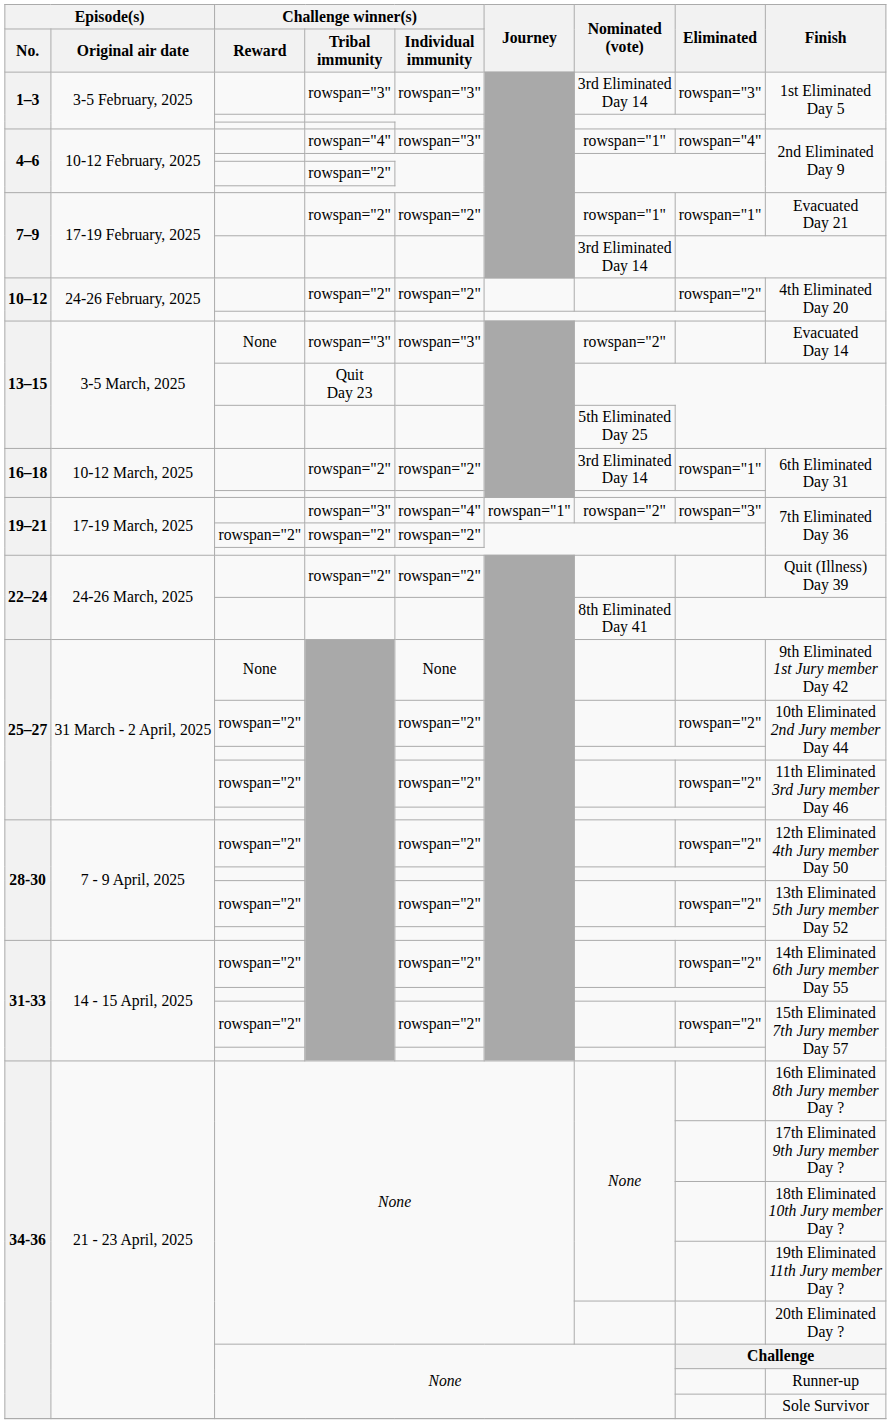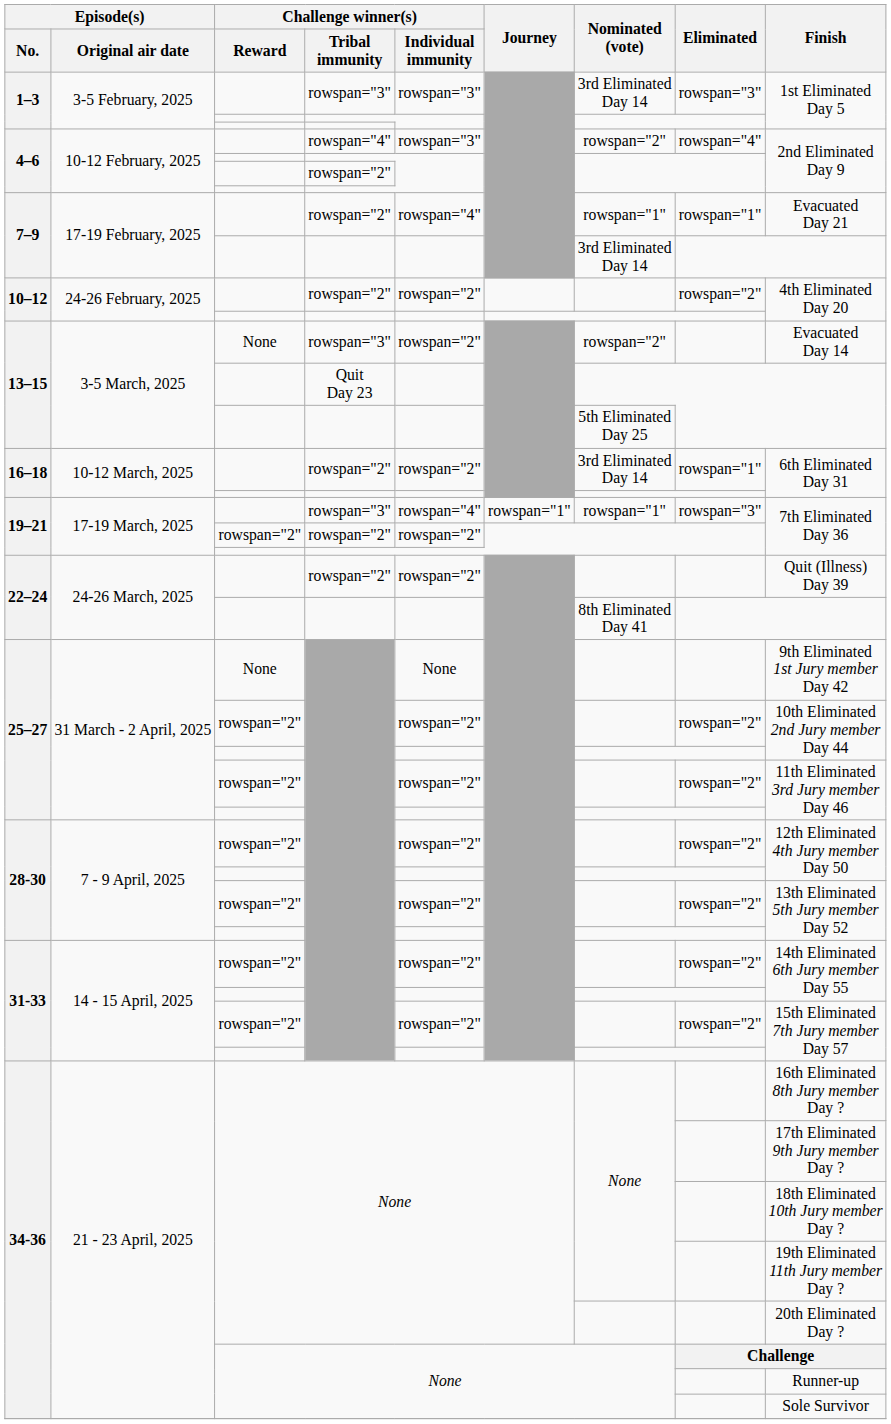 <table class="wikitable plainrowheaders nowrap" style="margin:auto; text-align:center">
 <tr>
 <th scope="col" colspan="2">Episode(s)</th>
 <th scope="col" colspan="3">Challenge winner(s)</th>
 <th scope="col"  rowspan="2">Journey</th>
 <th scope="col"  rowspan="2">Nominated <br> (vote)</th>
 <th scope="col" rowspan="2">Eliminated</th>
 <th scope="col" rowspan="2">Finish</th>
 </tr>
 <tr>
 <th scope="col" rowspan="1">No.</th>
 <th scope="col" rowspan="1">Original air date</th>
 <th scope="col" rowspan="1">Reward</th>
 <th scope="col" rowspan="1">Tribal<br> immunity</th>
 <th scope="col" rowspan="1">Individual<br> immunity</th>
 </tr>
 <tr>
 <th rowspan="3">1–3</th>
 <td rowspan="3">3-5 February, 2025</td>
 <td></td>
 <td>rowspan="3" </td>
 <td>rowspan="3" </td>
 <td rowspan="9" bgcolor="darkgray"></td>
 <td>3rd Eliminated<br> Day 14</td>
 <td>rowspan="3" </td>
 <td rowspan="3">1st Eliminated<br>Day 5</td>
 </tr>
 <tr>
 <td></td>
 </tr>
 <tr>
 <td></td>
 <td></td>
 </tr>
 <tr>
 <th rowspan="4">4–6</th>
 <td rowspan="4">10-12 February, 2025</td>
 <td></td>
 <td>rowspan="4" </td>
 <td>rowspan="3" </td>
-<td>rowspan="1" </td>
+<td>rowspan="2" </td>
 <td>rowspan="4" </td>
 <td rowspan="4">2nd Eliminated<br>Day 9</td>
 </tr>
 <tr>
 <td></td>
 </tr>
 <tr>
 <td></td>
 <td>rowspan="2" </td>
 </tr>
 <tr>
 <td></td>
 </tr>
 <tr>
 <th rowspan="2">7–9</th>
 <td rowspan="2">17-19 February, 2025</td>
 <td></td>
 <td>rowspan="2" </td>
-<td>rowspan="2" </td>
+<td>rowspan="4" </td>
 <td>rowspan="1" </td>
 <td>rowspan="1" </td>
 <td>Evacuated<br> Day 21</td>
 </tr>
 <tr>
 <td></td>
 <td></td>
 <td></td>
 <td>3rd Eliminated<br> Day 14</td>
 </tr>
 <tr>
 <th rowspan="2">10–12</th>
 <td rowspan="2">24-26 February, 2025</td>
 <td></td>
 <td>rowspan="2" </td>
 <td>rowspan="2" </td>
 <td></td>
 <td></td>
 <td>rowspan="2" </td>
 <td rowspan="2">4th Eliminated<br> Day 20</td>
 </tr>
 <tr>
 <td></td>
 <td></td>
 <td></td>
 </tr>
 <tr>
 <th rowspan="3">13–15</th>
 <td rowspan="3">3-5 March, 2025</td>
 <td>None</td>
 <td>rowspan="3" </td>
-<td>rowspan="3" </td>
+<td>rowspan="2" </td>
 <td rowspan="5" bgcolor="darkgray"></td>
 <td>rowspan="2" </td>
 <td></td>
 <td>Evacuated<br> Day 14</td>
 </tr>
 <tr>
 <td></td>
 <td>Quit<br> Day 23</td>
 </tr>
 <tr>
 <td></td>
 <td></td>
 <td></td>
 <td>5th Eliminated<br> Day 25</td>
 </tr>
 <tr>
 <th rowspan="2">16–18</th>
 <td rowspan="2">10-12 March, 2025</td>
 <td></td>
 <td>rowspan="2" </td>
 <td>rowspan="2" </td>
 <td>3rd Eliminated<br> Day 14</td>
 <td>rowspan="1" </td>
 <td rowspan="2">6th Eliminated<br> Day 31</td>
 </tr>
 <tr>
 <td></td>
 <td></td>
 </tr>
 <tr>
 <th rowspan="3">19–21</th>
 <td rowspan="3">17-19 March, 2025</td>
 <td></td>
 <td>rowspan="3" </td>
 <td>rowspan="4" </td>
 <td>rowspan="1" </td>
-<td>rowspan="2" </td>
+<td>rowspan="1" </td>
 <td>rowspan="3" </td>
 <td rowspan="3">7th Eliminated<br> Day 36</td>
 </tr>
 <tr>
 <td>rowspan="2"</td>
 <td>rowspan="2"</td>
 <td>rowspan="2" </td>
 </tr>
 <tr>
 <td></td>
 </tr>
 <tr>
 <th rowspan="2">22–24</th>
 <td rowspan="2">24-26 March, 2025</td>
 <td></td>
 <td>rowspan="2" </td>
 <td>rowspan="2" </td>
 <td rowspan="15" bgcolor="darkgray"></td>
 <td></td>
 <td></td>
 <td>Quit (Illness)	<br> Day 39</td>
 </tr>
 <tr>
 <td></td>
 <td></td>
 <td></td>
 <td>8th Eliminated<br> Day 41</td>
 </tr>
 <tr>
 <th rowspan="5">25–27</th>
 <td rowspan="5">31 March - 2 April, 2025</td>
 <td>None</td>
 <td rowspan="13" bgcolor="darkgray"></td>
 <td>None</td>
 <td></td>
 <td></td>
 <td>9th Eliminated<br> <em>1st Jury member</em><br> Day 42</td>
 </tr>
 <tr>
 <td>rowspan="2"</td>
 <td>rowspan="2"</td>
 <td></td>
 <td>rowspan="2"</td>
 <td rowspan="2">10th Eliminated<br> <em>2nd Jury member</em><br> Day 44</td>
 </tr>
 <tr>
 <td></td>
 </tr>
 <tr>
 <td>rowspan="2"</td>
 <td>rowspan="2"</td>
 <td></td>
 <td>rowspan="2"</td>
 <td rowspan="2">11th Eliminated<br> <em>3rd Jury member</em><br> Day 46</td>
 </tr>
 <tr>
 <td></td>
 </tr>
 <tr>
 <th rowspan="4">28-30</th>
 <td rowspan="4">7 - 9 April, 2025</td>
 <td>rowspan="2"</td>
 <td>rowspan="2"</td>
 <td></td>
 <td>rowspan="2"</td>
 <td rowspan="2">12th Eliminated<br> <em>4th Jury member</em><br> Day 50</td>
 </tr>
 <tr>
 <td></td>
 </tr>
 <tr>
 <td>rowspan="2"</td>
 <td>rowspan="2"</td>
 <td></td>
 <td>rowspan="2"</td>
 <td rowspan="2">13th Eliminated<br> <em>5th Jury member</em><br> Day 52</td>
 </tr>
 <tr>
 <td></td>
 </tr>
 <tr>
 <th rowspan="4">31-33</th>
 <td rowspan="4">14 - 15 April, 2025</td>
 <td>rowspan="2"</td>
 <td>rowspan="2"</td>
 <td></td>
 <td>rowspan="2"</td>
 <td rowspan="2">14th Eliminated<br> <em>6th Jury member</em><br> Day 55</td>
 </tr>
 <tr>
 <td></td>
 </tr>
 <tr>
 <td>rowspan="2"</td>
 <td>rowspan="2"</td>
 <td></td>
 <td>rowspan="2"</td>
 <td rowspan="2">15th Eliminated<br> <em>7th Jury member</em><br> Day 57</td>
 </tr>
 <tr>
 <td></td>
 </tr>
 <tr>
 <th rowspan="8">34-36</th>
 <td rowspan="8">21 - 23 April, 2025</td>
 <td rowspan="5" colspan="4"><em>None</em></td>
 <td rowspan="4"><em>None</em></td>
 <td></td>
 <td>16th Eliminated<br> <em>8th Jury member</em><br> Day ?</td>
 </tr>
 <tr>
 <td></td>
 <td>17th Eliminated<br> <em>9th Jury member</em><br> Day ?</td>
 </tr>
 <tr>
 <td></td>
 <td>18th Eliminated<br> <em>10th Jury member</em><br> Day ?</td>
 </tr>
 <tr>
 <td></td>
 <td>19th Eliminated<br> <em>11th Jury member</em><br> Day ?</td>
 </tr>
 <tr>
 <td></td>
 <td></td>
 <td>20th Eliminated<br> Day ?</td>
 </tr>
 <tr>
 <td colspan="5" rowspan="3"><em>None</em></td>
 <th colspan="2">Challenge</th>
 </tr>
 <tr>
 <td></td>
 <td>Runner-up</td>
 </tr>
 <tr>
 <td></td>
 <td>Sole Survivor</td>
 </tr>
 <tr>
 </tr>
 </table>
